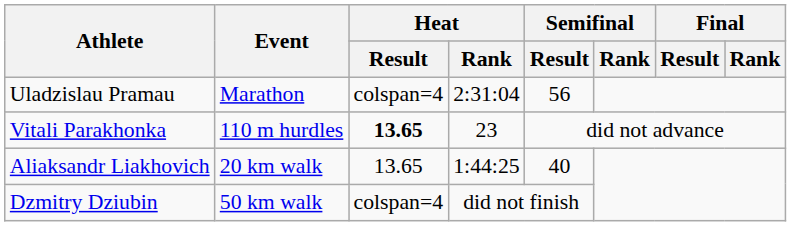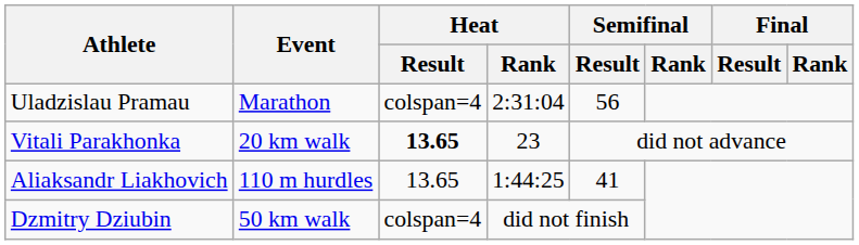 <table class="wikitable"  style=font-size:90%>
 <tr>
 <th rowspan="2">Athlete</th>
 <th rowspan="2">Event</th>
 <th colspan="2">Heat</th>
 <th colspan="2">Semifinal</th>
 <th colspan="2">Final</th>
 </tr>
 <tr>
 <th>Result</th>
 <th>Rank</th>
 <th>Result</th>
 <th>Rank</th>
 <th>Result</th>
 <th>Rank</th>
 </tr>
 <tr style=text-align:center>
 <td style=text-align:left>Uladzislau Pramau</td>
 <td style=text-align:left><a href='#'>Marathon</a></td>
 <td>colspan=4</td>
 <td>2:31:04</td>
 <td>56</td>
 </tr>
 <tr style=text-align:center>
 <td style=text-align:left><a href='#'>Vitali Parakhonka</a></td>
-<td style=text-align:left><a href='#'>110 m hurdles</a></td>
+<td style=text-align:left><a href='#'>20 km walk</a></td>
 <td><strong>13.65</strong></td>
 <td>23</td>
 <td colspan=4>did not advance</td>
 </tr>
 <tr style=text-align:center>
 <td style=text-align:left><a href='#'>Aliaksandr Liakhovich</a></td>
-<td style=text-align:left><a href='#'>20 km walk</a></td>
+<td style=text-align:left><a href='#'>110 m hurdles</a></td>
 <td>13.65</td>
 <td>1:44:25</td>
-<td>40</td>
+<td>41</td>
 </tr>
 <tr style=text-align:center>
 <td style=text-align:left><a href='#'>Dzmitry Dziubin</a></td>
 <td style=text-align:left><a href='#'>50 km walk</a></td>
 <td>colspan=4</td>
 <td colspan=2>did not finish</td>
 </tr>
 </table>
